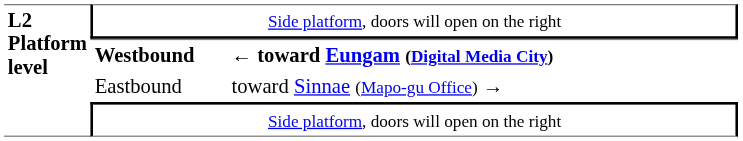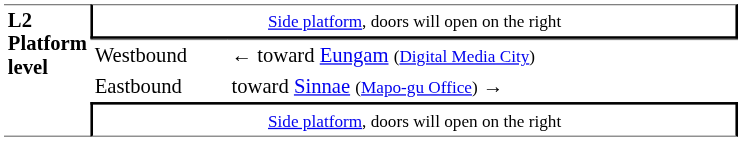 <table table border=0 cellspacing=0 cellpadding=3>
 <tr>
 <td style="border-top:solid 1px gray;border-bottom:solid 1px gray;" width=50 rowspan=10 valign=top><strong>L2<br>Platform level</strong></td>
 <td style="border-top:solid 1px gray;border-right:solid 2px black;border-left:solid 2px black;border-bottom:solid 2px black;text-align:center;" colspan=2><small><a href='#'>Side platform</a>, doors will open on the right</small></td>
 </tr>
 <tr>
-<td style="border-bottom:solid 0px gray;border-top:solid 1px gray;" width=100><strong>Westbound</strong></td>
-<td style="border-bottom:solid 0px gray;border-top:solid 1px gray;" width=390><strong>←  toward <a href='#'>Eungam</a> <small>(<a href='#'>Digital Media City</a>)</small></strong></td>
+<td style="border-bottom:solid 0px gray;border-top:solid 1px gray;" width=100>Westbound</td>
+<td style="border-bottom:solid 0px gray;border-top:solid 1px gray;" width=390>←  toward <a href='#'>Eungam</a> <small>(<a href='#'>Digital Media City</a>)</small></td>
 </tr>
 <tr>
 <td>Eastbound</td>
 <td>  toward <a href='#'>Sinnae</a> <small>(<a href='#'>Mapo-gu Office</a>)</small> →</td>
 </tr>
 <tr>
 <td style="border-top:solid 2px black;border-right:solid 2px black;border-left:solid 2px black;border-bottom:solid 1px gray;text-align:center;" colspan=2><small><a href='#'>Side platform</a>, doors will open on the right </small></td>
 </tr>
 </table>
